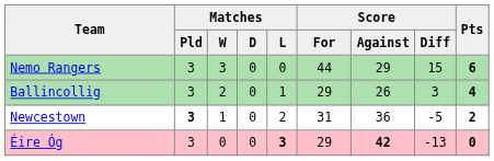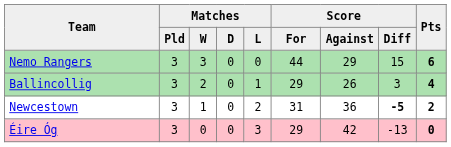 <table style=border-collapse:collapse border=1 cellspacing=0 cellpadding=5>
 <tr align=center bgcolor=#efefef>
 <th rowspan=2 width=165>Team</th>
 <th colspan=4>Matches</th>
 <th colspan=3>Score</th>
 <th rowspan=2width=20>Pts</th>
 </tr>
 <tr align=center bgcolor=#efefef>
 <th width=20>Pld</th>
 <th width=20>W</th>
 <th width=20>D</th>
 <th width=20>L</th>
 <th width=45>For</th>
 <th width=45>Against</th>
 <th width=30>Diff</th>
 </tr>
 <tr align=center style="background:#ACE1AF;">
 <td style="text-align:left;"><a href='#'>Nemo Rangers</a></td>
 <td>3</td>
 <td>3</td>
 <td>0</td>
 <td>0</td>
 <td>44</td>
 <td>29</td>
 <td>15</td>
 <td><strong>6</strong></td>
 </tr>
 <tr align=center style="background:#ACE1AF;">
 <td style="text-align:left;"><a href='#'>Ballincollig</a></td>
 <td>3</td>
 <td>2</td>
 <td>0</td>
 <td>1</td>
 <td>29</td>
 <td>26</td>
 <td>3</td>
 <td><strong>4</strong></td>
 </tr>
 <tr align=center>
 <td style="text-align:left;"><a href='#'>Newcestown</a></td>
-<td><strong>3</strong></td>
+<td>3</td>
 <td>1</td>
 <td>0</td>
 <td>2</td>
 <td>31</td>
 <td>36</td>
-<td>-5</td>
+<td><strong>-5</strong></td>
 <td><strong>2</strong></td>
 </tr>
 <tr align=center style="background:#FFC0CB;">
 <td style="text-align:left;"><a href='#'>Éire Óg</a></td>
 <td>3</td>
 <td>0</td>
 <td>0</td>
-<td><strong>3</strong></td>
+<td>3</td>
 <td>29</td>
-<td><strong>42</strong></td>
+<td>42</td>
 <td>-13</td>
 <td><strong>0</strong></td>
 </tr>
 </table>
